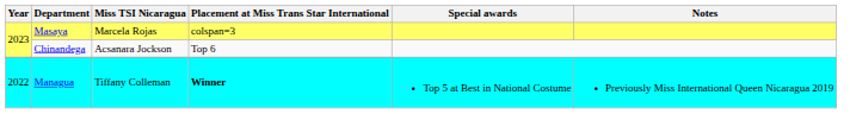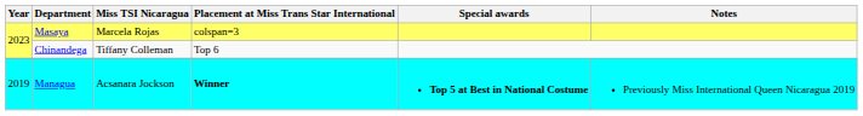 <table class="wikitable" style="font-size: 92%">
 <tr>
 <th>Year</th>
 <th>Department</th>
 <th>Miss TSI Nicaragua</th>
 <th>Placement at Miss Trans Star International</th>
 <th>Special awards</th>
 <th>Notes</th>
 </tr>
 <tr style="background:#FFFF66;">
 <td rowspan=2>2023</td>
 <td><a href='#'>Masaya</a></td>
 <td>Marcela Rojas</td>
 <td>colspan=3 </td>
 <td></td>
 <td></td>
 </tr>
 <tr>
 <td><a href='#'>Chinandega</a></td>
-<td>Acsanara Jockson</td>
+<td>Tiffany Colleman</td>
 <td>Top 6</td>
 </tr>
 <tr>
 </tr>
 <tr style="background:#00ffff;">
-<td>2022</td>
+<td>2019</td>
 <td><a href='#'>Managua</a></td>
-<td>Tiffany Colleman</td>
+<td>Acsanara Jockson</td>
 <td><strong>Winner</strong></td>
-<td><br><ul><li>Top 5 at Best in National Costume</li></ul></td>
+<td><strong><br><ul><li>Top 5 at Best in National Costume</li></ul></strong></td>
 <td><br><ul><li>Previously Miss International Queen Nicaragua 2019</li></ul></td>
 </tr>
 </table>
